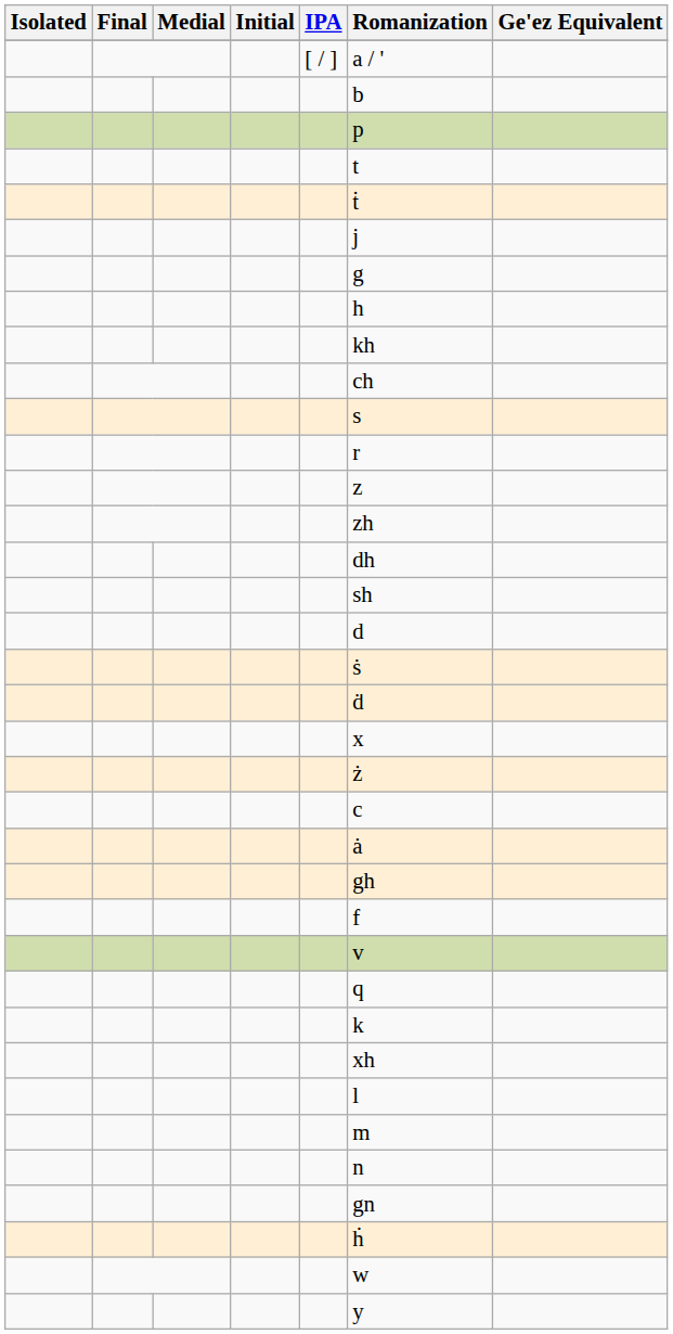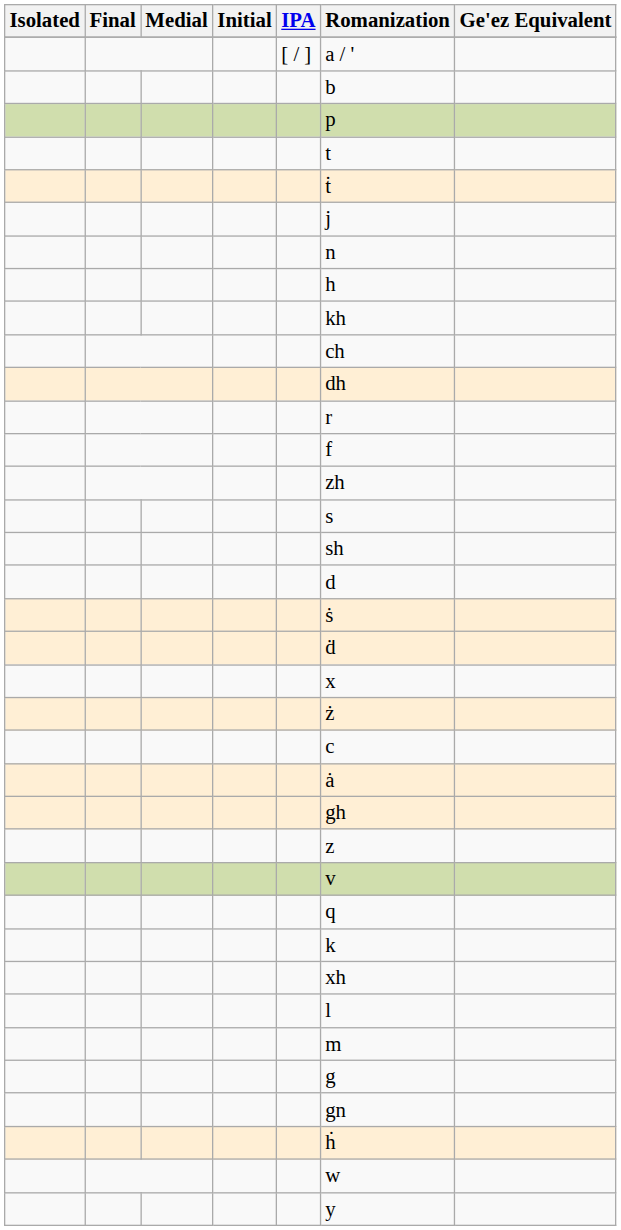 <table class="wikitable">
 <tr>
 <th>Isolated</th>
 <th>Final</th>
 <th>Medial</th>
 <th>Initial</th>
 <th><a href='#'>IPA</a></th>
 <th>Romanization</th>
 <th>Ge'ez Equivalent</th>
 </tr>
 <tr>
 </tr>
 <tr>
 <td><span></span></td>
 <td colspan=2><span></span></td>
 <td><span></span></td>
 <td>[ / ]</td>
 <td>a / '</td>
 <td></td>
 </tr>
 <tr>
 <td><span></span></td>
 <td><span></span></td>
 <td><span></span></td>
 <td><span></span></td>
 <td></td>
 <td>b</td>
 <td></td>
 </tr>
 <tr bgcolor="#d0dead">
 <td><span></span></td>
 <td><span></span></td>
 <td><span></span></td>
 <td><span></span></td>
 <td></td>
 <td>p</td>
 <td></td>
 </tr>
 <tr>
 <td><span></span></td>
 <td><span></span></td>
 <td><span></span></td>
 <td><span></span></td>
 <td></td>
 <td>t</td>
 <td></td>
 </tr>
 <tr bgcolor="#FFEFD5">
 <td><span></span></td>
 <td><span></span></td>
 <td><span></span></td>
 <td><span></span></td>
 <td></td>
 <td>ṫ</td>
 <td></td>
 </tr>
 <tr>
 <td><span></span></td>
 <td><span></span></td>
 <td><span></span></td>
 <td><span></span></td>
 <td></td>
 <td>j</td>
 <td></td>
 </tr>
 <tr>
 <td><span></span></td>
 <td><span></span></td>
 <td><span></span></td>
 <td><span></span></td>
 <td></td>
-<td>g</td>
+<td>n</td>
 <td></td>
 </tr>
 <tr>
 <td><span></span></td>
 <td><span></span></td>
 <td><span></span></td>
 <td><span></span></td>
 <td></td>
 <td>h</td>
 <td></td>
 </tr>
 <tr>
 <td><span></span></td>
 <td><span></span></td>
 <td><span></span></td>
 <td><span></span></td>
 <td></td>
 <td>kh</td>
 <td></td>
 </tr>
 <tr>
 <td><span></span></td>
 <td colspan=2><span></span></td>
 <td><span></span></td>
 <td></td>
 <td>ch</td>
 <td></td>
 </tr>
 <tr bgcolor="#FFEFD5">
 <td><span></span></td>
 <td colspan=2><span></span></td>
 <td><span></span></td>
 <td></td>
-<td>s</td>
+<td>dh</td>
 <td></td>
 </tr>
 <tr>
 <td><span></span></td>
 <td colspan=2><span></span></td>
 <td><span></span></td>
 <td></td>
 <td>r</td>
 <td></td>
 </tr>
 <tr>
 <td><span></span></td>
 <td colspan=2><span></span></td>
 <td><span></span></td>
 <td></td>
-<td>z</td>
+<td>f</td>
 <td></td>
 </tr>
 <tr>
 <td><span></span></td>
 <td colspan=2><span></span></td>
 <td><span></span></td>
 <td></td>
 <td>zh</td>
 <td></td>
 </tr>
 <tr>
 <td><span></span></td>
 <td><span></span></td>
 <td><span></span></td>
 <td><span></span></td>
 <td></td>
-<td>dh</td>
+<td>s</td>
 <td></td>
 </tr>
 <tr>
 <td><span></span></td>
 <td><span></span></td>
 <td><span></span></td>
 <td><span></span></td>
 <td></td>
 <td>sh</td>
 <td></td>
 </tr>
 <tr>
 <td><span></span></td>
 <td><span></span></td>
 <td><span></span></td>
 <td><span></span></td>
 <td></td>
 <td>d</td>
 <td></td>
 </tr>
 <tr bgcolor="#FFEFD5">
 <td><span></span></td>
 <td><span></span></td>
 <td><span></span></td>
 <td><span></span></td>
 <td></td>
 <td>ṡ</td>
 <td></td>
 </tr>
 <tr bgcolor="#FFEFD5">
 <td><span></span></td>
 <td><span></span></td>
 <td><span></span></td>
 <td><span></span></td>
 <td></td>
 <td>ḋ</td>
 <td></td>
 </tr>
 <tr>
 <td><span></span></td>
 <td><span></span></td>
 <td><span></span></td>
 <td><span></span></td>
 <td></td>
 <td>x</td>
 <td></td>
 </tr>
 <tr bgcolor="#FFEFD5">
 <td><span></span></td>
 <td><span></span></td>
 <td><span></span></td>
 <td><span></span></td>
 <td></td>
 <td>ż</td>
 <td></td>
 </tr>
 <tr>
 <td><span></span></td>
 <td><span></span></td>
 <td><span></span></td>
 <td><span></span></td>
 <td></td>
 <td>c</td>
 <td></td>
 </tr>
 <tr bgcolor="#FFEFD5">
 <td><span></span></td>
 <td><span></span></td>
 <td><span></span></td>
 <td><span></span></td>
 <td></td>
 <td>ȧ</td>
 <td></td>
 </tr>
 <tr bgcolor="#FFEFD5">
 <td><span></span></td>
 <td><span></span></td>
 <td><span></span></td>
 <td><span></span></td>
 <td></td>
 <td>gh</td>
 <td></td>
 </tr>
 <tr>
 <td><span></span></td>
 <td><span></span></td>
 <td><span></span></td>
 <td><span></span></td>
 <td></td>
-<td>f</td>
+<td>z</td>
 <td></td>
 </tr>
 <tr bgcolor="#d0dead">
 <td><span></span></td>
 <td><span></span></td>
 <td><span></span></td>
 <td><span></span></td>
 <td></td>
 <td>v</td>
 <td></td>
 </tr>
 <tr>
 <td><span></span></td>
 <td><span></span></td>
 <td><span></span></td>
 <td><span></span></td>
 <td></td>
 <td>q</td>
 <td></td>
 </tr>
 <tr>
 <td><span></span></td>
 <td><span></span></td>
 <td><span></span></td>
 <td><span></span></td>
 <td></td>
 <td>k</td>
 <td></td>
 </tr>
 <tr>
 <td><span></span></td>
 <td><span></span></td>
 <td><span></span></td>
 <td><span></span></td>
 <td></td>
 <td>xh</td>
 <td></td>
 </tr>
 <tr>
 <td><span></span></td>
 <td><span></span></td>
 <td><span></span></td>
 <td><span></span></td>
 <td></td>
 <td>l</td>
 <td></td>
 </tr>
 <tr>
 <td><span></span></td>
 <td><span></span></td>
 <td><span></span></td>
 <td><span></span></td>
 <td></td>
 <td>m</td>
 <td></td>
 </tr>
 <tr>
 <td><span></span></td>
 <td><span></span></td>
 <td><span></span></td>
 <td><span></span></td>
 <td></td>
-<td>n</td>
+<td>g</td>
 <td></td>
 </tr>
 <tr>
 <td><span></span></td>
 <td><span></span></td>
 <td><span></span></td>
 <td><span></span></td>
 <td></td>
 <td>gn</td>
 <td></td>
 </tr>
 <tr bgcolor="#FFEFD5">
 <td><span></span></td>
 <td><span></span></td>
 <td><span></span></td>
 <td><span></span></td>
 <td></td>
 <td>ḣ</td>
 <td></td>
 </tr>
 <tr>
 <td><span></span></td>
 <td colspan=2><span></span></td>
 <td><span></span></td>
 <td></td>
 <td>w</td>
 <td></td>
 </tr>
 <tr>
 <td><span></span></td>
 <td><span></span></td>
 <td><span></span></td>
 <td><span></span></td>
 <td></td>
 <td>y</td>
 <td></td>
 </tr>
 </table>
